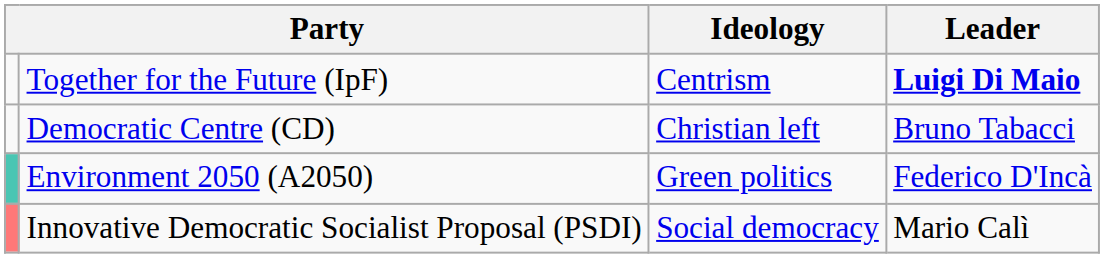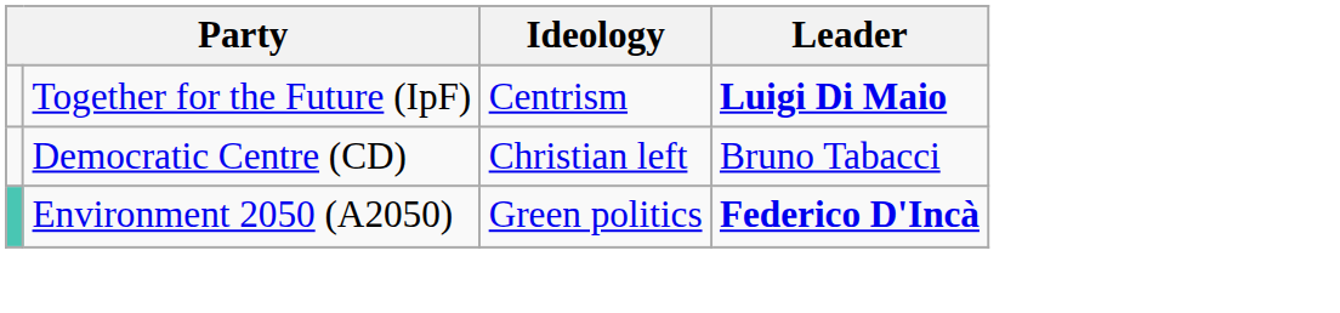 <table class=wikitable  style=text-align:left>
 <tr>
 <th colspan=2>Party</th>
 <th>Ideology</th>
 <th>Leader</th>
 </tr>
 <tr>
 <td></td>
 <td><a href='#'>Together for the Future</a> (IpF)</td>
 <td><a href='#'>Centrism</a></td>
 <td><strong><a href='#'>Luigi Di Maio</a></strong></td>
 </tr>
 <tr>
 <td></td>
 <td><a href='#'>Democratic Centre</a> (CD)</td>
 <td><a href='#'>Christian left</a></td>
 <td><a href='#'>Bruno Tabacci</a></td>
 </tr>
 <tr>
 <td bgcolor="#49C6B3"></td>
 <td><a href='#'>Environment 2050</a> (A2050)</td>
 <td><a href='#'>Green politics</a></td>
-<td><a href='#'>Federico D'Incà</a></td>
-</tr>
-<tr>
-<td bgcolor="#FF7878"></td>
-<td>Innovative Democratic Socialist Proposal (PSDI)</td>
-<td><a href='#'>Social democracy</a></td>
-<td>Mario Calì</td>
+<td><strong><a href='#'>Federico D'Incà</a></strong></td>
 </tr>
 </table>
